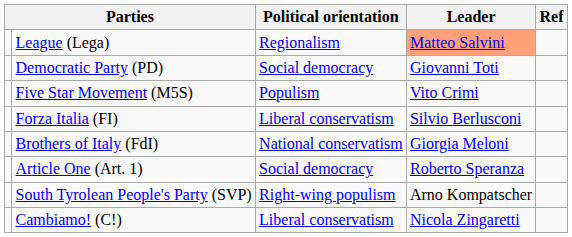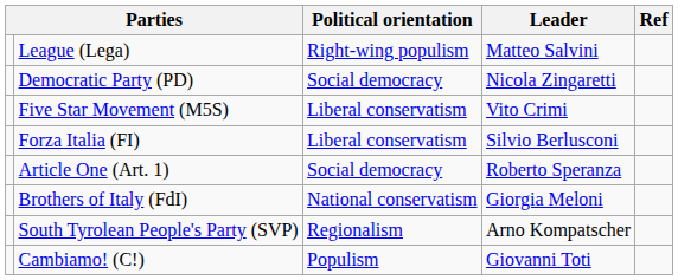 <table class="wikitable">
 <tr>
 <th colspan=2>Parties</th>
 <th>Political orientation</th>
 <th>Leader</th>
 <th>Ref</th>
 </tr>
 <tr>
 <td style="background-color: "></td>
 <td><a href='#'>League</a> (Lega)</td>
-<td><a href='#'>Regionalism</a></td>
-<td style="background: lightsalmon;"><a href='#'>Matteo Salvini</a></td>
+<td><a href='#'>Right-wing populism</a></td>
+<td><a href='#'>Matteo Salvini</a></td>
 <td></td>
 </tr>
 <tr>
 <td style="background-color: "></td>
 <td><a href='#'>Democratic Party</a> (PD)</td>
 <td><a href='#'>Social democracy</a></td>
-<td><a href='#'>Giovanni Toti</a></td>
+<td><a href='#'>Nicola Zingaretti</a></td>
 <td></td>
 </tr>
 <tr>
 <td style="background-color:"></td>
 <td><a href='#'>Five Star Movement</a> (M5S)</td>
-<td><a href='#'>Populism</a></td>
+<td><a href='#'>Liberal conservatism</a></td>
 <td><a href='#'>Vito Crimi</a></td>
 <td></td>
 </tr>
 <tr>
 <td style="background-color:"></td>
 <td><a href='#'>Forza Italia</a> (FI)</td>
 <td><a href='#'>Liberal conservatism</a></td>
 <td><a href='#'>Silvio Berlusconi</a></td>
 <td></td>
 </tr>
 <tr>
-<td style="background-color:"></td>
-<td><a href='#'>Brothers of Italy</a> (FdI)</td>
-<td><a href='#'>National conservatism</a></td>
-<td><a href='#'>Giorgia Meloni</a></td>
-<td></td>
-</tr>
-<tr>
 <td Style="background:"></td>
 <td><a href='#'>Article One</a> (Art. 1)</td>
 <td><a href='#'>Social democracy</a></td>
 <td><a href='#'>Roberto Speranza</a></td>
 <td></td>
 </tr>
 <tr>
 <td style="background-color:"></td>
+<td><a href='#'>Brothers of Italy</a> (FdI)</td>
+<td><a href='#'>National conservatism</a></td>
+<td><a href='#'>Giorgia Meloni</a></td>
+<td></td>
+</tr>
+<tr>
+<td style="background-color:"></td>
 <td><a href='#'>South Tyrolean People's Party</a> (SVP)</td>
-<td><a href='#'>Right-wing populism</a></td>
+<td><a href='#'>Regionalism</a></td>
 <td>Arno Kompatscher</td>
 <td></td>
 </tr>
 <tr>
 <td Style="background:"></td>
 <td><a href='#'>Cambiamo!</a> (C!)</td>
-<td><a href='#'>Liberal conservatism</a></td>
-<td><a href='#'>Nicola Zingaretti</a></td>
+<td><a href='#'>Populism</a></td>
+<td><a href='#'>Giovanni Toti</a></td>
 <td></td>
 </tr>
 </table>
